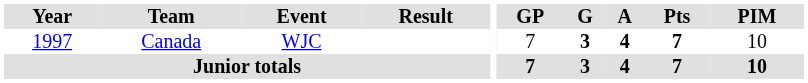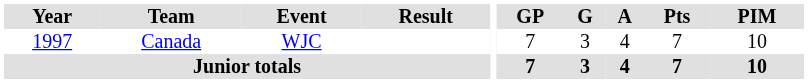 <table border="0" cellpadding="1" cellspacing="0" ID="Table3" style="text-align:center; width:40em">
 <tr ALIGN="center" bgcolor="#e0e0e0">
 <th>Year</th>
 <th>Team</th>
 <th>Event</th>
 <th>Result</th>
 <th rowspan="99" bgcolor="#ffffff"></th>
 <th>GP</th>
 <th>G</th>
 <th>A</th>
 <th>Pts</th>
 <th>PIM</th>
 </tr>
 <tr>
 <td><a href='#'>1997</a></td>
 <td><a href='#'>Canada</a></td>
 <td><a href='#'>WJC</a></td>
 <td></td>
 <td>7</td>
-<td><strong>3</strong></td>
-<td><strong>4</strong></td>
-<td><strong>7</strong></td>
+<td>3</td>
+<td>4</td>
+<td>7</td>
 <td>10</td>
 </tr>
 <tr bgcolor="#e0e0e0">
 <th colspan="4">Junior totals</th>
 <th>7</th>
 <th>3</th>
 <th>4</th>
 <th>7</th>
 <th>10</th>
 </tr>
 </table>
